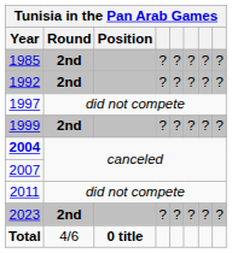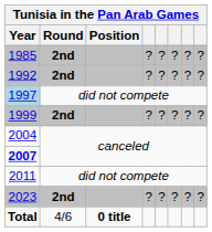 <table class="wikitable" style="text-align: center;">
 <tr>
 <th colspan=10>Tunisia in the <a href='#'>Pan Arab Games</a></th>
 </tr>
 <tr>
 <th>Year</th>
 <th>Round</th>
 <th>Position</th>
 <th></th>
 <th></th>
 <th></th>
 <th></th>
 <th></th>
 </tr>
 <tr style="background:silver;">
 <td> <a href='#'>1985</a></td>
 <td><strong>2nd</strong></td>
 <td></td>
 <td>?</td>
 <td>?</td>
 <td>?</td>
 <td>?</td>
 <td>?</td>
 </tr>
 <tr style="background:silver;">
 <td> <a href='#'>1992</a></td>
 <td><strong>2nd</strong></td>
 <td></td>
 <td>?</td>
 <td>?</td>
 <td>?</td>
 <td>?</td>
 <td>?</td>
 </tr>
 <tr>
-<td> <a href='#'>1997</a></td>
+<td style="background: lightblue;"> <a href='#'>1997</a></td>
 <td colspan=10 rowspan=1><em>did not compete</em></td>
 </tr>
 <tr style="background:silver;">
 <td> <a href='#'>1999</a></td>
 <td><strong>2nd</strong></td>
 <td></td>
 <td>?</td>
 <td>?</td>
 <td>?</td>
 <td>?</td>
 <td>?</td>
 </tr>
 <tr style="background:">
-<td><strong> <a href='#'>2004</a></strong></td>
+<td> <a href='#'>2004</a></td>
 <td colspan=10 rowspan=2><em>canceled</em></td>
 </tr>
 <tr style="background:">
-<td> <a href='#'>2007</a></td>
+<td><strong> <a href='#'>2007</a></strong></td>
 </tr>
 <tr style="background:">
 <td> <a href='#'>2011</a></td>
 <td colspan=10 rowspan=1><em>did not compete</em></td>
 </tr>
 <tr style="background:silver;">
 <td> <a href='#'>2023</a></td>
 <td><strong>2nd</strong></td>
 <td></td>
 <td>?</td>
 <td>?</td>
 <td>?</td>
 <td>?</td>
 <td>?</td>
 </tr>
 <tr>
 <td><strong>Total</strong></td>
 <td>4/6</td>
 <td><strong>0 title</strong></td>
 <td></td>
 <td></td>
 <td></td>
 <td></td>
 <td></td>
 </tr>
 </table>
